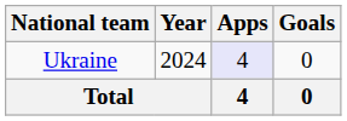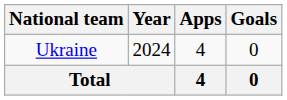 <table class="wikitable" style="text-align:center">
 <tr>
 <th>National team</th>
 <th>Year</th>
 <th>Apps</th>
 <th>Goals</th>
 </tr>
 <tr>
 <td rowspan="1"><a href='#'>Ukraine</a></td>
 <td>2024</td>
-<td style="background: lavender;">4</td>
+<td>4</td>
 <td>0</td>
 </tr>
 <tr>
 <th colspan="2">Total</th>
 <th>4</th>
 <th>0</th>
 </tr>
 </table>
